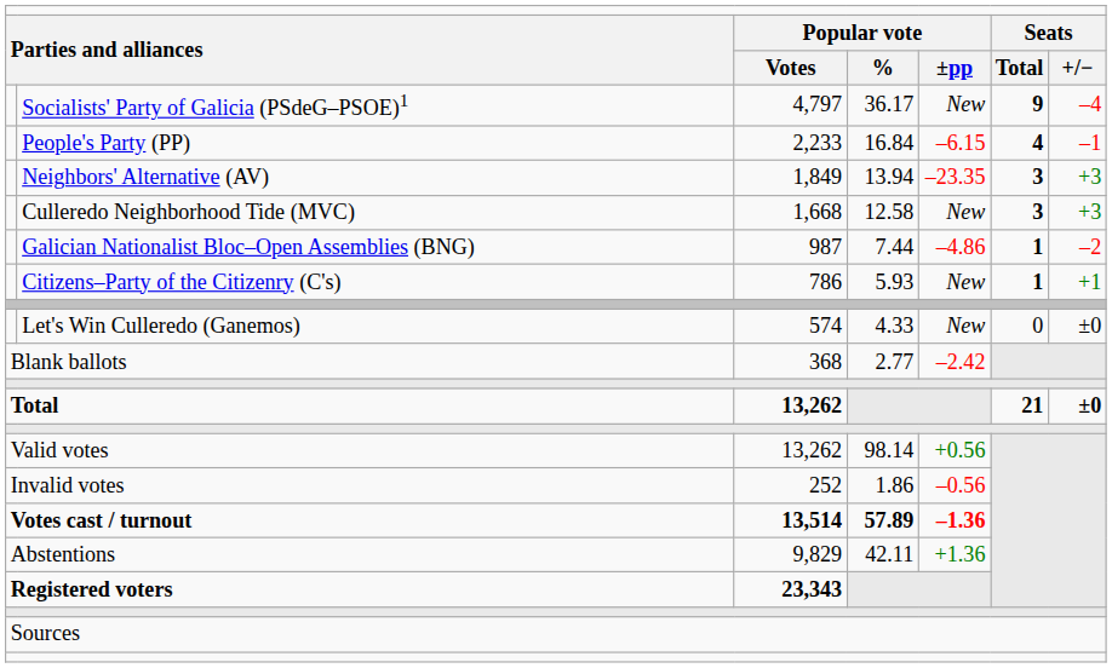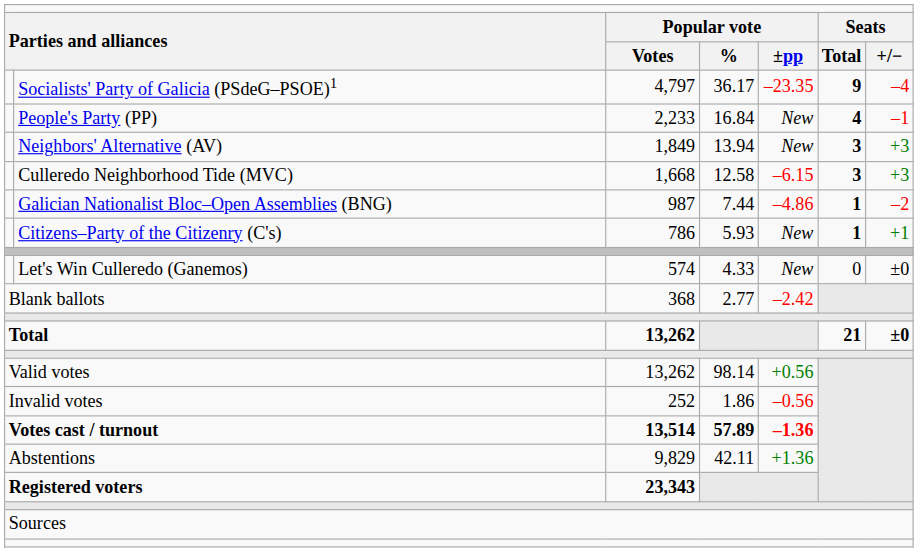 <table class="wikitable" style="text-align:right;">
 <tr>
 <td colspan="7"></td>
 </tr>
 <tr>
 <th style="text-align:left;" rowspan="2" colspan="2" width="525">Parties and alliances</th>
 <th colspan="3">Popular vote</th>
 <th colspan="2">Seats</th>
 </tr>
 <tr>
 <th width="75">Votes</th>
 <th width="45">%</th>
 <th width="45">±<a href='#'>pp</a></th>
 <th width="35">Total</th>
 <th width="35">+/−</th>
 </tr>
 <tr>
 <td width="1" style="color:inherit;background:"></td>
 <td align="left"><a href='#'>Socialists' Party of Galicia</a> (PSdeG–PSOE)<sup>1</sup></td>
 <td>4,797</td>
 <td>36.17</td>
-<td><em>New</em></td>
+<td style="color:red;">–23.35</td>
 <td><strong>9</strong></td>
 <td style="color:red;">–4</td>
 </tr>
 <tr>
 <td style="color:inherit;background:"></td>
 <td align="left"><a href='#'>People's Party</a> (PP)</td>
 <td>2,233</td>
 <td>16.84</td>
-<td style="color:red;">–6.15</td>
+<td><em>New</em></td>
 <td><strong>4</strong></td>
 <td style="color:red;">–1</td>
 </tr>
 <tr>
 <td style="color:inherit;background:"></td>
 <td align="left"><a href='#'>Neighbors' Alternative</a> (AV)</td>
 <td>1,849</td>
 <td>13.94</td>
-<td style="color:red;">–23.35</td>
+<td><em>New</em></td>
 <td><strong>3</strong></td>
 <td style="color:green;">+3</td>
 </tr>
 <tr>
 <td style="color:inherit;background:"></td>
 <td align="left">Culleredo Neighborhood Tide (MVC)</td>
 <td>1,668</td>
 <td>12.58</td>
-<td><em>New</em></td>
+<td style="color:red;">–6.15</td>
 <td><strong>3</strong></td>
 <td style="color:green;">+3</td>
 </tr>
 <tr>
 <td style="color:inherit;background:"></td>
 <td align="left"><a href='#'>Galician Nationalist Bloc–Open Assemblies</a> (BNG)</td>
 <td>987</td>
 <td>7.44</td>
 <td style="color:red;">–4.86</td>
 <td><strong>1</strong></td>
 <td style="color:red;">–2</td>
 </tr>
 <tr>
 <td style="color:inherit;background:"></td>
 <td align="left"><a href='#'>Citizens–Party of the Citizenry</a> (C's)</td>
 <td>786</td>
 <td>5.93</td>
 <td><em>New</em></td>
 <td><strong>1</strong></td>
 <td style="color:green;">+1</td>
 </tr>
 <tr>
 <td colspan="7" bgcolor="#C0C0C0"></td>
 </tr>
 <tr>
 <td style="color:inherit;background:"></td>
 <td align="left">Let's Win Culleredo (Ganemos)</td>
 <td>574</td>
 <td>4.33</td>
 <td><em>New</em></td>
 <td>0</td>
 <td>±0</td>
 </tr>
 <tr>
 <td align="left" colspan="2">Blank ballots</td>
 <td>368</td>
 <td>2.77</td>
 <td style="color:red;">–2.42</td>
 <td bgcolor="#E9E9E9" colspan="2"></td>
 </tr>
 <tr>
 <td colspan="7" bgcolor="#E9E9E9"></td>
 </tr>
 <tr style="font-weight:bold;">
 <td align="left" colspan="2">Total</td>
 <td>13,262</td>
 <td bgcolor="#E9E9E9" colspan="2"></td>
 <td>21</td>
 <td>±0</td>
 </tr>
 <tr>
 <td colspan="7" bgcolor="#E9E9E9"></td>
 </tr>
 <tr>
 <td align="left" colspan="2">Valid votes</td>
 <td>13,262</td>
 <td>98.14</td>
 <td style="color:green;">+0.56</td>
 <td bgcolor="#E9E9E9" colspan="2" rowspan="5"></td>
 </tr>
 <tr>
 <td align="left" colspan="2">Invalid votes</td>
 <td>252</td>
 <td>1.86</td>
 <td style="color:red;">–0.56</td>
 </tr>
 <tr style="font-weight:bold;">
 <td align="left" colspan="2">Votes cast / turnout</td>
 <td>13,514</td>
 <td>57.89</td>
 <td style="color:red;">–1.36</td>
 </tr>
 <tr>
 <td align="left" colspan="2">Abstentions</td>
 <td>9,829</td>
 <td>42.11</td>
 <td style="color:green;">+1.36</td>
 </tr>
 <tr style="font-weight:bold;">
 <td align="left" colspan="2">Registered voters</td>
 <td>23,343</td>
 <td bgcolor="#E9E9E9" colspan="2"></td>
 </tr>
 <tr>
 <td colspan="7" bgcolor="#E9E9E9"></td>
 </tr>
 <tr>
 <td align="left" colspan="7">Sources</td>
 </tr>
 <tr>
 <td colspan="7" style="text-align:left; max-width:790px;"></td>
 </tr>
 </table>
